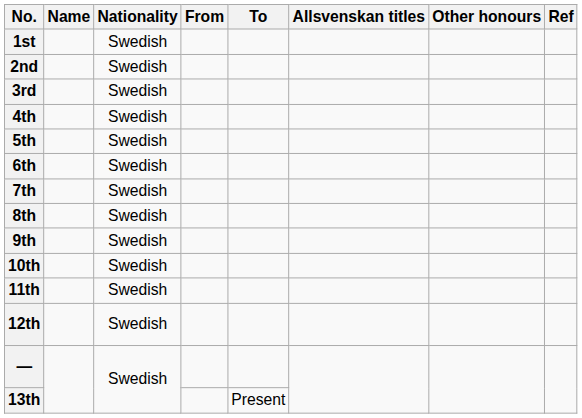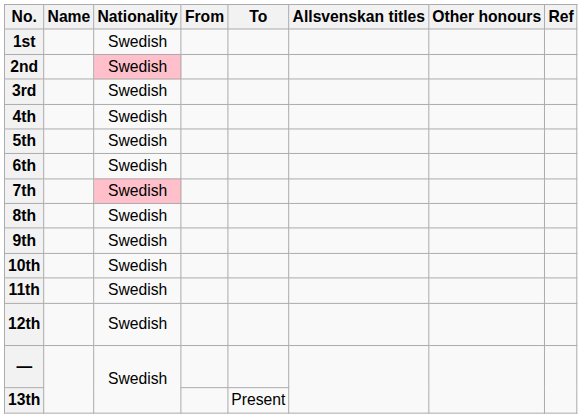 <table class="wikitable plainrowheaders sortable" style="text-align:center">
 <tr>
 <th scope="col">No.</th>
 <th scope="col">Name</th>
 <th scope="col">Nationality</th>
 <th scope="col">From</th>
 <th scope="col">To</th>
 <th scope="col">Allsvenskan titles</th>
 <th scope="col">Other honours</th>
 <th scope=col class=unsortable>Ref</th>
 </tr>
 <tr>
 <th scope="row" align="left">1st</th>
 <td></td>
 <td>Swedish</td>
 <td></td>
 <td></td>
 <td></td>
 <td></td>
 <td></td>
 </tr>
 <tr>
 <th scope="row" align="left">2nd</th>
 <td></td>
-<td>Swedish</td>
+<td style="background: pink;">Swedish</td>
 <td></td>
 <td></td>
 <td></td>
 <td></td>
 <td></td>
 </tr>
 <tr>
 <th scope="row" align="left">3rd</th>
 <td></td>
 <td>Swedish</td>
 <td></td>
 <td></td>
 <td></td>
 <td></td>
 <td></td>
 </tr>
 <tr>
 <th scope="row" align="left">4th</th>
 <td></td>
 <td>Swedish</td>
 <td></td>
 <td></td>
 <td></td>
 <td></td>
 <td></td>
 </tr>
 <tr>
 <th scope="row" align="left">5th</th>
 <td></td>
 <td>Swedish</td>
 <td></td>
 <td></td>
 <td></td>
 <td></td>
 <td></td>
 </tr>
 <tr>
 <th scope="row" align="left">6th</th>
 <td></td>
 <td>Swedish</td>
 <td></td>
 <td></td>
 <td></td>
 <td></td>
 <td></td>
 </tr>
 <tr>
 <th scope="row" align="left">7th</th>
 <td></td>
-<td>Swedish</td>
+<td style="background: pink;">Swedish</td>
 <td></td>
 <td></td>
 <td></td>
 <td></td>
 <td></td>
 </tr>
 <tr>
 <th scope="row" align="left">8th</th>
 <td></td>
 <td>Swedish</td>
 <td></td>
 <td></td>
 <td></td>
 <td></td>
 <td></td>
 </tr>
 <tr>
 <th scope="row" align="left">9th</th>
 <td></td>
 <td>Swedish</td>
 <td></td>
 <td></td>
 <td></td>
 <td></td>
 <td></td>
 </tr>
 <tr>
 <th scope="row" align="left">10th</th>
 <td></td>
 <td>Swedish</td>
 <td></td>
 <td></td>
 <td></td>
 <td></td>
 <td></td>
 </tr>
 <tr>
 <th scope="row" align="left">11th</th>
 <td></td>
 <td>Swedish</td>
 <td></td>
 <td></td>
 <td></td>
 <td></td>
 <td></td>
 </tr>
 <tr>
 <th scope="row" align="left">12th</th>
 <td></td>
 <td>Swedish</td>
 <td></td>
 <td><br><br></td>
 <td></td>
 <td></td>
 <td></td>
 </tr>
 <tr>
 <th scope="row" align="left">—</th>
 <td rowspan="2"></td>
 <td rowspan="2">Swedish</td>
 <td><br><br></td>
 <td><br><br></td>
 <td rowspan="2"></td>
 <td rowspan="2"></td>
 <td rowspan="2"></td>
 </tr>
 <tr>
 <th scope="row" align="left">13th</th>
 <td></td>
 <td>Present</td>
 </tr>
 </table>
